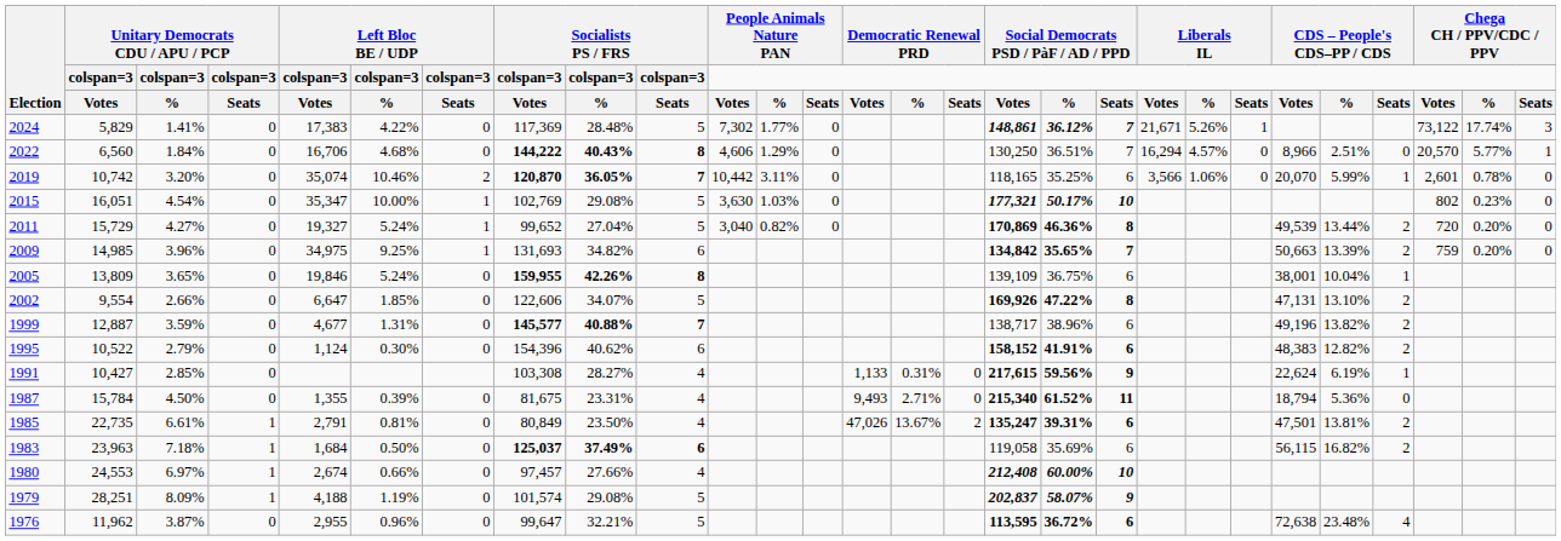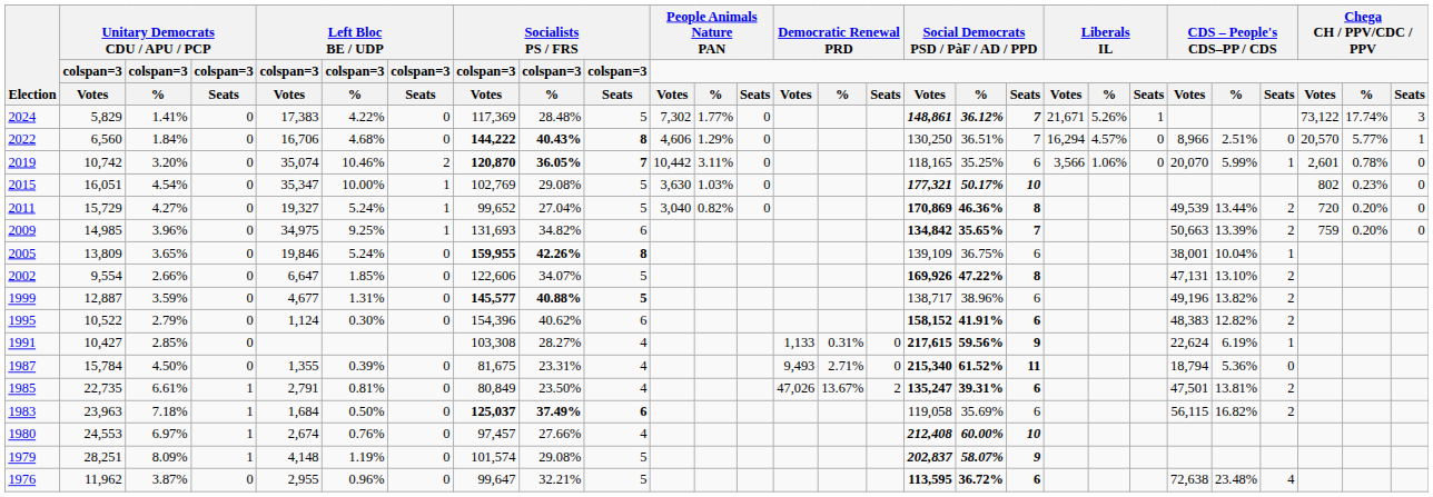 <table class="wikitable" border="1" style="font-size:85%; text-align:right;">
 <tr>
 <th style="text-align:left;" valign=bottom rowspan=3>Election</th>
 <th valign=bottom colspan=3><a href='#'>Unitary Democrats</a><br>CDU / APU / PCP</th>
 <th valign=bottom colspan=3><a href='#'>Left Bloc</a><br>BE / UDP</th>
 <th valign=bottom colspan=3><a href='#'>Socialists</a><br>PS / FRS</th>
 <th valign=bottom colspan=3><a href='#'>People Animals Nature</a><br>PAN</th>
 <th valign=bottom colspan=3><a href='#'>Democratic Renewal</a><br>PRD</th>
 <th valign=bottom colspan=3><a href='#'>Social Democrats</a><br>PSD / PàF / AD / PPD</th>
 <th valign=bottom colspan=3><a href='#'>Liberals</a><br>IL</th>
 <th valign=bottom colspan=3><a href='#'>CDS – People's</a><br>CDS–PP / CDS</th>
 <th valign=bottom colspan=3><a href='#'>Chega</a><br>CH / PPV/CDC / PPV</th>
 </tr>
 <tr>
 <th>colspan=3 </th>
 <th>colspan=3 </th>
 <th>colspan=3 </th>
 <th>colspan=3 </th>
 <th>colspan=3 </th>
 <th>colspan=3 </th>
 <th>colspan=3 </th>
 <th>colspan=3 </th>
 <th>colspan=3 </th>
 </tr>
 <tr>
 <th>Votes</th>
 <th>%</th>
 <th>Seats</th>
 <th>Votes</th>
 <th>%</th>
 <th>Seats</th>
 <th>Votes</th>
 <th>%</th>
 <th>Seats</th>
 <th>Votes</th>
 <th>%</th>
 <th>Seats</th>
 <th>Votes</th>
 <th>%</th>
 <th>Seats</th>
 <th>Votes</th>
 <th>%</th>
 <th>Seats</th>
 <th>Votes</th>
 <th>%</th>
 <th>Seats</th>
 <th>Votes</th>
 <th>%</th>
 <th>Seats</th>
 <th>Votes</th>
 <th>%</th>
 <th>Seats</th>
 </tr>
 <tr>
 <td align=left><a href='#'>2024</a></td>
 <td>5,829</td>
 <td>1.41%</td>
 <td>0</td>
 <td>17,383</td>
 <td>4.22%</td>
 <td>0</td>
 <td>117,369</td>
 <td>28.48%</td>
 <td>5</td>
 <td>7,302</td>
 <td>1.77%</td>
 <td>0</td>
 <td></td>
 <td></td>
 <td></td>
 <td><strong><em>148,861</em></strong></td>
 <td><strong><em>36.12%</em></strong></td>
 <td><strong><em>7</em></strong></td>
 <td>21,671</td>
 <td>5.26%</td>
 <td>1</td>
 <td></td>
 <td></td>
 <td></td>
 <td>73,122</td>
 <td>17.74%</td>
 <td>3</td>
 </tr>
 <tr>
 <td align=left><a href='#'>2022</a></td>
 <td>6,560</td>
 <td>1.84%</td>
 <td>0</td>
 <td>16,706</td>
 <td>4.68%</td>
 <td>0</td>
 <td><strong>144,222</strong></td>
 <td><strong>40.43%</strong></td>
 <td><strong>8</strong></td>
 <td>4,606</td>
 <td>1.29%</td>
 <td>0</td>
 <td></td>
 <td></td>
 <td></td>
 <td>130,250</td>
 <td>36.51%</td>
 <td>7</td>
 <td>16,294</td>
 <td>4.57%</td>
 <td>0</td>
 <td>8,966</td>
 <td>2.51%</td>
 <td>0</td>
 <td>20,570</td>
 <td>5.77%</td>
 <td>1</td>
 </tr>
 <tr>
 <td align=left><a href='#'>2019</a></td>
 <td>10,742</td>
 <td>3.20%</td>
 <td>0</td>
 <td>35,074</td>
 <td>10.46%</td>
 <td>2</td>
 <td><strong>120,870</strong></td>
 <td><strong>36.05%</strong></td>
 <td><strong>7</strong></td>
 <td>10,442</td>
 <td>3.11%</td>
 <td>0</td>
 <td></td>
 <td></td>
 <td></td>
 <td>118,165</td>
 <td>35.25%</td>
 <td>6</td>
 <td>3,566</td>
 <td>1.06%</td>
 <td>0</td>
 <td>20,070</td>
 <td>5.99%</td>
 <td>1</td>
 <td>2,601</td>
 <td>0.78%</td>
 <td>0</td>
 </tr>
 <tr>
 <td align=left><a href='#'>2015</a></td>
 <td>16,051</td>
 <td>4.54%</td>
 <td>0</td>
 <td>35,347</td>
 <td>10.00%</td>
 <td>1</td>
 <td>102,769</td>
 <td>29.08%</td>
 <td>5</td>
 <td>3,630</td>
 <td>1.03%</td>
 <td>0</td>
 <td></td>
 <td></td>
 <td></td>
 <td><strong><em>177,321</em></strong></td>
 <td><strong><em>50.17%</em></strong></td>
 <td><strong><em>10</em></strong></td>
 <td></td>
 <td></td>
 <td></td>
 <td></td>
 <td></td>
 <td></td>
 <td>802</td>
 <td>0.23%</td>
 <td>0</td>
 </tr>
 <tr>
 <td align=left><a href='#'>2011</a></td>
 <td>15,729</td>
 <td>4.27%</td>
 <td>0</td>
 <td>19,327</td>
 <td>5.24%</td>
 <td>1</td>
 <td>99,652</td>
 <td>27.04%</td>
 <td>5</td>
 <td>3,040</td>
 <td>0.82%</td>
 <td>0</td>
 <td></td>
 <td></td>
 <td></td>
 <td><strong>170,869</strong></td>
 <td><strong>46.36%</strong></td>
 <td><strong>8</strong></td>
 <td></td>
 <td></td>
 <td></td>
 <td>49,539</td>
 <td>13.44%</td>
 <td>2</td>
 <td>720</td>
 <td>0.20%</td>
 <td>0</td>
 </tr>
 <tr>
 <td align=left><a href='#'>2009</a></td>
 <td>14,985</td>
 <td>3.96%</td>
 <td>0</td>
 <td>34,975</td>
 <td>9.25%</td>
 <td>1</td>
 <td>131,693</td>
 <td>34.82%</td>
 <td>6</td>
 <td></td>
 <td></td>
 <td></td>
 <td></td>
 <td></td>
 <td></td>
 <td><strong>134,842</strong></td>
 <td><strong>35.65%</strong></td>
 <td><strong>7</strong></td>
 <td></td>
 <td></td>
 <td></td>
 <td>50,663</td>
 <td>13.39%</td>
 <td>2</td>
 <td>759</td>
 <td>0.20%</td>
 <td>0</td>
 </tr>
 <tr>
 <td align=left><a href='#'>2005</a></td>
 <td>13,809</td>
 <td>3.65%</td>
 <td>0</td>
 <td>19,846</td>
 <td>5.24%</td>
 <td>0</td>
 <td><strong>159,955</strong></td>
 <td><strong>42.26%</strong></td>
 <td><strong>8</strong></td>
 <td></td>
 <td></td>
 <td></td>
 <td></td>
 <td></td>
 <td></td>
 <td>139,109</td>
 <td>36.75%</td>
 <td>6</td>
 <td></td>
 <td></td>
 <td></td>
 <td>38,001</td>
 <td>10.04%</td>
 <td>1</td>
 <td></td>
 <td></td>
 <td></td>
 </tr>
 <tr>
 <td align=left><a href='#'>2002</a></td>
 <td>9,554</td>
 <td>2.66%</td>
 <td>0</td>
 <td>6,647</td>
 <td>1.85%</td>
 <td>0</td>
 <td>122,606</td>
 <td>34.07%</td>
 <td>5</td>
 <td></td>
 <td></td>
 <td></td>
 <td></td>
 <td></td>
 <td></td>
 <td><strong>169,926</strong></td>
 <td><strong>47.22%</strong></td>
 <td><strong>8</strong></td>
 <td></td>
 <td></td>
 <td></td>
 <td>47,131</td>
 <td>13.10%</td>
 <td>2</td>
 <td></td>
 <td></td>
 <td></td>
 </tr>
 <tr>
 <td align=left><a href='#'>1999</a></td>
 <td>12,887</td>
 <td>3.59%</td>
 <td>0</td>
 <td>4,677</td>
 <td>1.31%</td>
 <td>0</td>
 <td><strong>145,577</strong></td>
 <td><strong>40.88%</strong></td>
-<td><strong>7</strong></td>
+<td><strong>5</strong></td>
 <td></td>
 <td></td>
 <td></td>
 <td></td>
 <td></td>
 <td></td>
 <td>138,717</td>
 <td>38.96%</td>
 <td>6</td>
 <td></td>
 <td></td>
 <td></td>
 <td>49,196</td>
 <td>13.82%</td>
 <td>2</td>
 <td></td>
 <td></td>
 <td></td>
 </tr>
 <tr>
 <td align=left><a href='#'>1995</a></td>
 <td>10,522</td>
 <td>2.79%</td>
 <td>0</td>
 <td>1,124</td>
 <td>0.30%</td>
 <td>0</td>
 <td>154,396</td>
 <td>40.62%</td>
 <td>6</td>
 <td></td>
 <td></td>
 <td></td>
 <td></td>
 <td></td>
 <td></td>
 <td><strong>158,152</strong></td>
 <td><strong>41.91%</strong></td>
 <td><strong>6</strong></td>
 <td></td>
 <td></td>
 <td></td>
 <td>48,383</td>
 <td>12.82%</td>
 <td>2</td>
 <td></td>
 <td></td>
 <td></td>
 </tr>
 <tr>
 <td align=left><a href='#'>1991</a></td>
 <td>10,427</td>
 <td>2.85%</td>
 <td>0</td>
 <td></td>
 <td></td>
 <td></td>
 <td>103,308</td>
 <td>28.27%</td>
 <td>4</td>
 <td></td>
 <td></td>
 <td></td>
 <td>1,133</td>
 <td>0.31%</td>
 <td>0</td>
 <td><strong>217,615</strong></td>
 <td><strong>59.56%</strong></td>
 <td><strong>9</strong></td>
 <td></td>
 <td></td>
 <td></td>
 <td>22,624</td>
 <td>6.19%</td>
 <td>1</td>
 <td></td>
 <td></td>
 <td></td>
 </tr>
 <tr>
 <td align=left><a href='#'>1987</a></td>
 <td>15,784</td>
 <td>4.50%</td>
 <td>0</td>
 <td>1,355</td>
 <td>0.39%</td>
 <td>0</td>
 <td>81,675</td>
 <td>23.31%</td>
 <td>4</td>
 <td></td>
 <td></td>
 <td></td>
 <td>9,493</td>
 <td>2.71%</td>
 <td>0</td>
 <td><strong>215,340</strong></td>
 <td><strong>61.52%</strong></td>
 <td><strong>11</strong></td>
 <td></td>
 <td></td>
 <td></td>
 <td>18,794</td>
 <td>5.36%</td>
 <td>0</td>
 <td></td>
 <td></td>
 <td></td>
 </tr>
 <tr>
 <td align=left><a href='#'>1985</a></td>
 <td>22,735</td>
 <td>6.61%</td>
 <td>1</td>
 <td>2,791</td>
 <td>0.81%</td>
 <td>0</td>
 <td>80,849</td>
 <td>23.50%</td>
 <td>4</td>
 <td></td>
 <td></td>
 <td></td>
 <td>47,026</td>
 <td>13.67%</td>
 <td>2</td>
 <td><strong>135,247</strong></td>
 <td><strong>39.31%</strong></td>
 <td><strong>6</strong></td>
 <td></td>
 <td></td>
 <td></td>
 <td>47,501</td>
 <td>13.81%</td>
 <td>2</td>
 <td></td>
 <td></td>
 <td></td>
 </tr>
 <tr>
 <td align=left><a href='#'>1983</a></td>
 <td>23,963</td>
 <td>7.18%</td>
 <td>1</td>
 <td>1,684</td>
 <td>0.50%</td>
 <td>0</td>
 <td><strong>125,037</strong></td>
 <td><strong>37.49%</strong></td>
 <td><strong>6</strong></td>
 <td></td>
 <td></td>
 <td></td>
 <td></td>
 <td></td>
 <td></td>
 <td>119,058</td>
 <td>35.69%</td>
 <td>6</td>
 <td></td>
 <td></td>
 <td></td>
 <td>56,115</td>
 <td>16.82%</td>
 <td>2</td>
 <td></td>
 <td></td>
 <td></td>
 </tr>
 <tr>
 <td align=left><a href='#'>1980</a></td>
 <td>24,553</td>
 <td>6.97%</td>
 <td>1</td>
 <td>2,674</td>
-<td>0.66%</td>
+<td>0.76%</td>
 <td>0</td>
 <td>97,457</td>
 <td>27.66%</td>
 <td>4</td>
 <td></td>
 <td></td>
 <td></td>
 <td></td>
 <td></td>
 <td></td>
 <td><strong><em>212,408</em></strong></td>
 <td><strong><em>60.00%</em></strong></td>
 <td><strong><em>10</em></strong></td>
 <td></td>
 <td></td>
 <td></td>
 <td></td>
 <td></td>
 <td></td>
 <td></td>
 <td></td>
 <td></td>
 </tr>
 <tr>
 <td align=left><a href='#'>1979</a></td>
 <td>28,251</td>
 <td>8.09%</td>
 <td>1</td>
-<td>4,188</td>
+<td>4,148</td>
 <td>1.19%</td>
 <td>0</td>
 <td>101,574</td>
 <td>29.08%</td>
 <td>5</td>
 <td></td>
 <td></td>
 <td></td>
 <td></td>
 <td></td>
 <td></td>
 <td><strong><em>202,837</em></strong></td>
 <td><strong><em>58.07%</em></strong></td>
 <td><strong><em>9</em></strong></td>
 <td></td>
 <td></td>
 <td></td>
 <td></td>
 <td></td>
 <td></td>
 <td></td>
 <td></td>
 <td></td>
 </tr>
 <tr>
 <td align=left><a href='#'>1976</a></td>
 <td>11,962</td>
 <td>3.87%</td>
 <td>0</td>
 <td>2,955</td>
 <td>0.96%</td>
 <td>0</td>
 <td>99,647</td>
 <td>32.21%</td>
 <td>5</td>
 <td></td>
 <td></td>
 <td></td>
 <td></td>
 <td></td>
 <td></td>
 <td><strong>113,595</strong></td>
 <td><strong>36.72%</strong></td>
 <td><strong>6</strong></td>
 <td></td>
 <td></td>
 <td></td>
 <td>72,638</td>
 <td>23.48%</td>
 <td>4</td>
 <td></td>
 <td></td>
 <td></td>
 </tr>
 </table>
